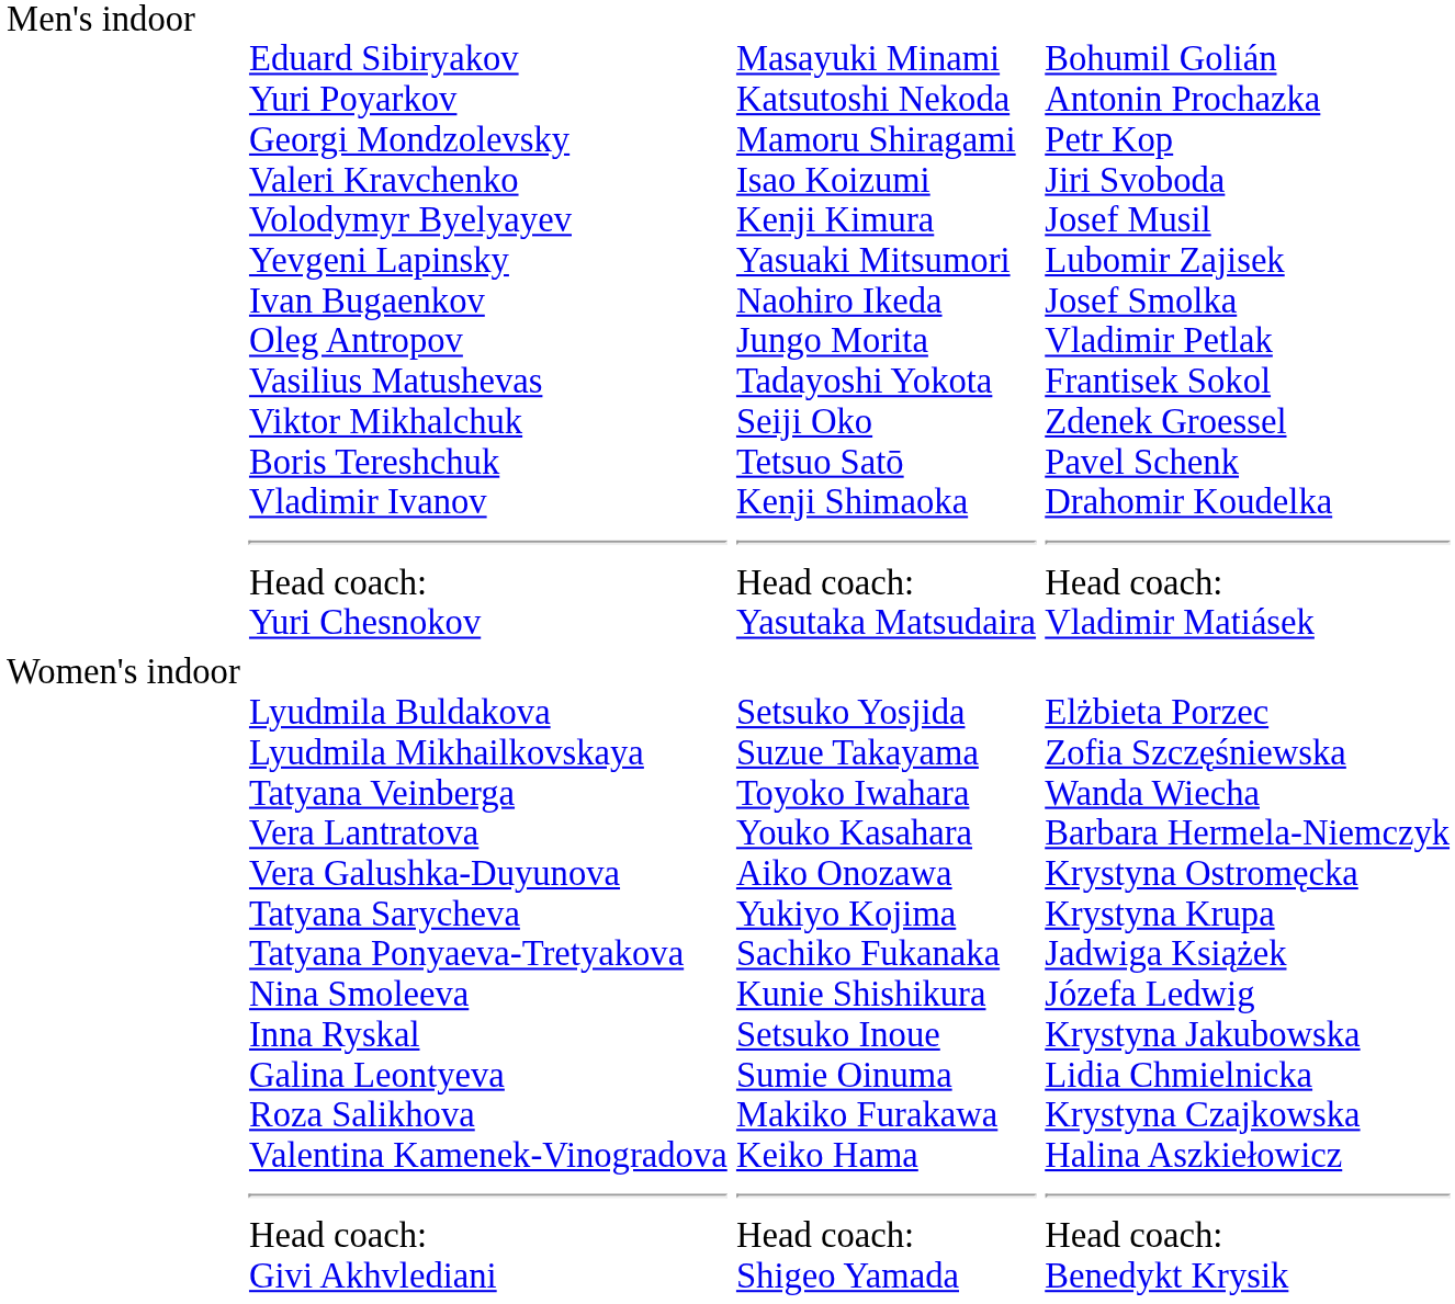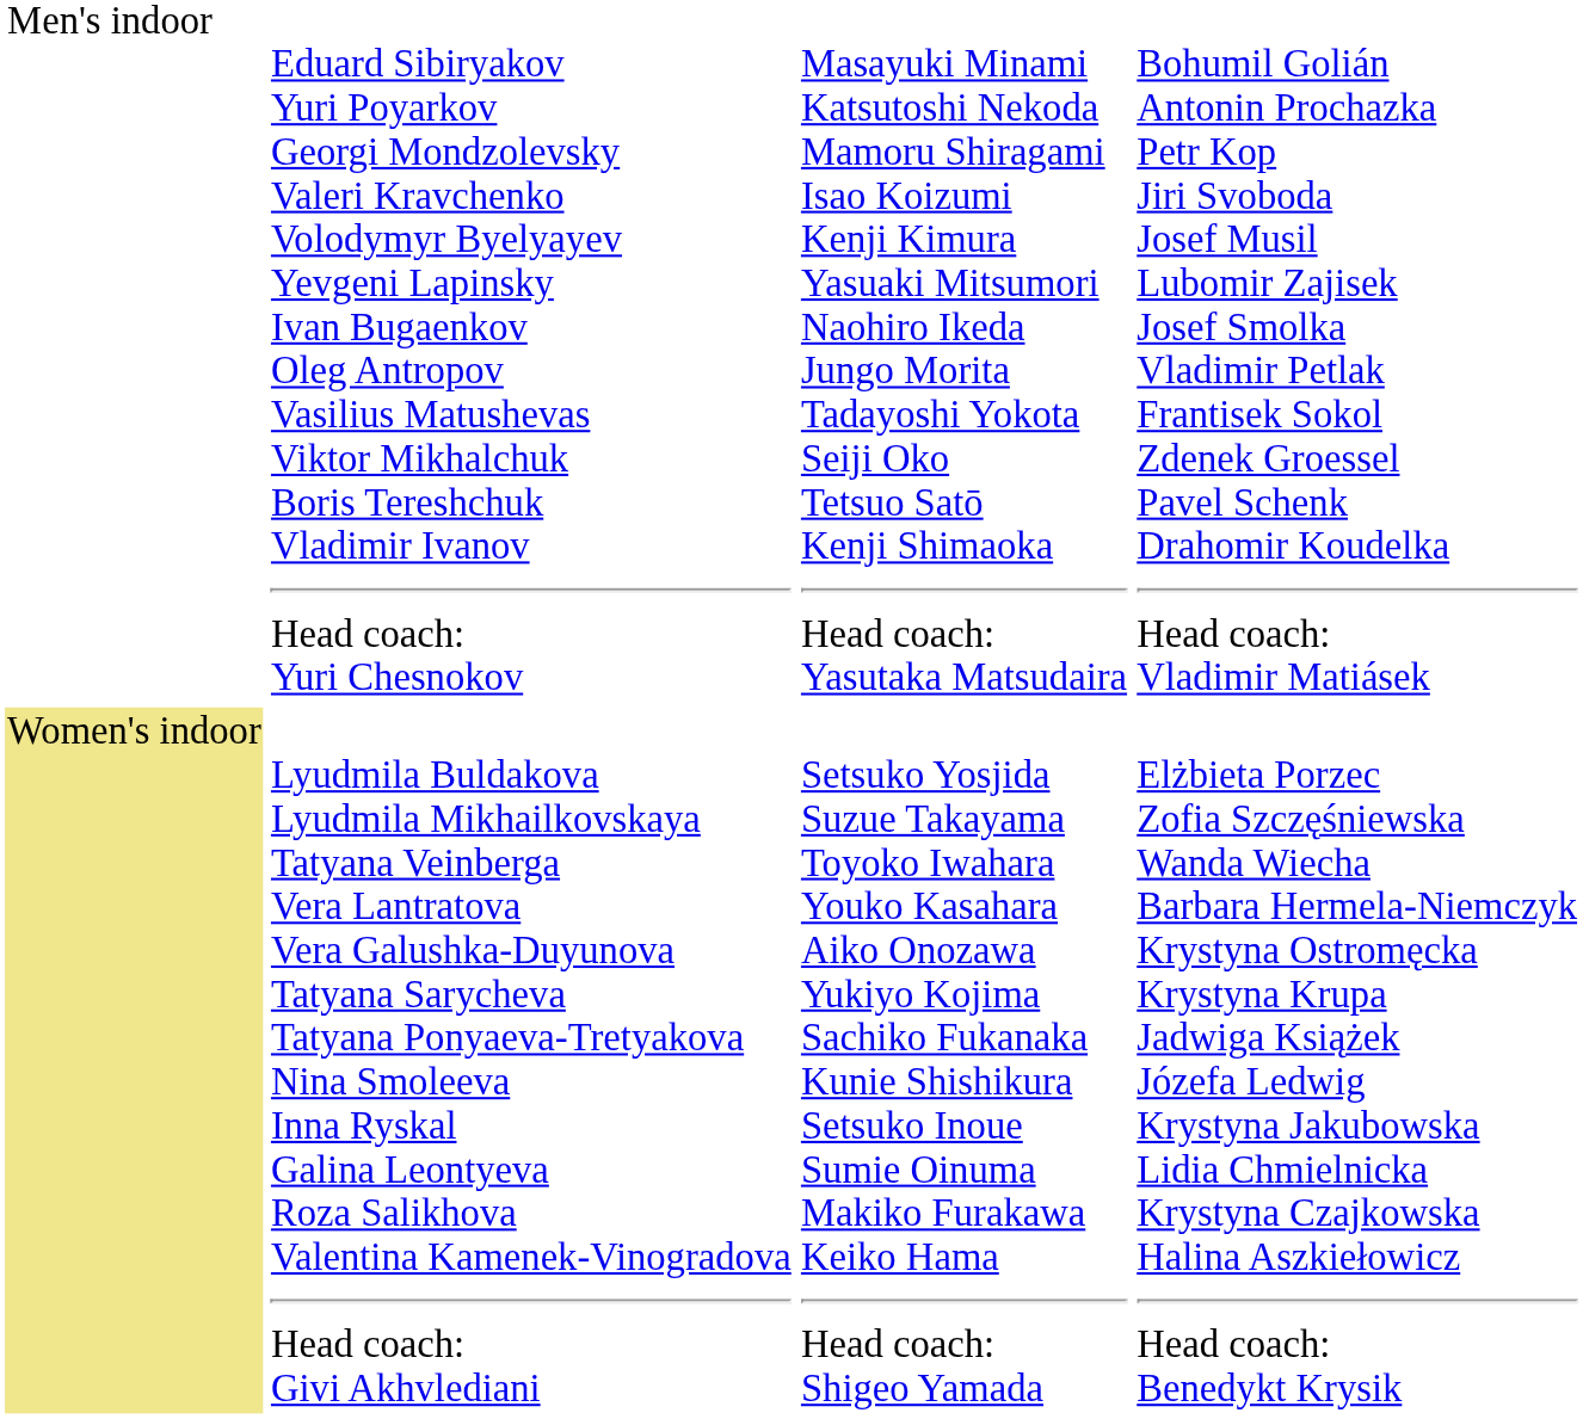 <table>
 <tr valign="top">
 <td>Men's indoor<br></td>
 <td valign=top><br><a href='#'>Eduard Sibiryakov</a><br><a href='#'>Yuri Poyarkov</a><br><a href='#'>Georgi Mondzolevsky</a><br><a href='#'>Valeri Kravchenko</a><br><a href='#'>Volodymyr Byelyayev</a><br><a href='#'>Yevgeni Lapinsky</a><br><a href='#'>Ivan Bugaenkov</a><br><a href='#'>Oleg Antropov</a><br><a href='#'>Vasilius Matushevas</a><br><a href='#'>Viktor Mikhalchuk</a><br><a href='#'>Boris Tereshchuk</a><br><a href='#'>Vladimir Ivanov</a><br><hr>Head coach:<br><a href='#'>Yuri Chesnokov</a></td>
 <td valign=top><br><a href='#'>Masayuki Minami</a><br><a href='#'>Katsutoshi Nekoda</a><br><a href='#'>Mamoru Shiragami</a><br><a href='#'>Isao Koizumi</a><br><a href='#'>Kenji Kimura</a><br><a href='#'>Yasuaki Mitsumori</a><br><a href='#'>Naohiro Ikeda</a><br><a href='#'>Jungo Morita</a><br><a href='#'>Tadayoshi Yokota</a><br><a href='#'>Seiji Oko</a><br><a href='#'>Tetsuo Satō</a><br><a href='#'>Kenji Shimaoka</a><br><hr>Head coach:<br><a href='#'>Yasutaka Matsudaira</a></td>
 <td valign=top><br><a href='#'>Bohumil Golián</a><br><a href='#'>Antonin Prochazka</a><br><a href='#'>Petr Kop</a><br><a href='#'>Jiri Svoboda</a><br><a href='#'>Josef Musil</a><br><a href='#'>Lubomir Zajisek</a><br><a href='#'>Josef Smolka</a><br><a href='#'>Vladimir Petlak</a><br><a href='#'>Frantisek Sokol</a><br><a href='#'>Zdenek Groessel</a><br><a href='#'>Pavel Schenk</a><br><a href='#'>Drahomir Koudelka</a><br><hr>Head coach:<br><a href='#'>Vladimir Matiásek</a></td>
 </tr>
 <tr valign="top">
-<td>Women's indoor<br></td>
+<td style="background: khaki;">Women's indoor<br></td>
 <td valign=top><br><a href='#'>Lyudmila Buldakova</a><br><a href='#'>Lyudmila Mikhailkovskaya</a><br><a href='#'>Tatyana Veinberga</a><br><a href='#'>Vera Lantratova</a><br><a href='#'>Vera Galushka-Duyunova</a><br><a href='#'>Tatyana Sarycheva</a><br><a href='#'>Tatyana Ponyaeva-Tretyakova</a><br><a href='#'>Nina Smoleeva</a><br><a href='#'>Inna Ryskal</a><br><a href='#'>Galina Leontyeva</a><br><a href='#'>Roza Salikhova</a><br><a href='#'>Valentina Kamenek-Vinogradova</a><br><hr>Head coach:<br><a href='#'>Givi Akhvlediani</a></td>
 <td valign=top><br><a href='#'>Setsuko Yosjida</a><br><a href='#'>Suzue Takayama</a><br><a href='#'>Toyoko Iwahara</a><br><a href='#'>Youko Kasahara</a><br><a href='#'>Aiko Onozawa</a><br><a href='#'>Yukiyo Kojima</a><br><a href='#'>Sachiko Fukanaka</a><br><a href='#'>Kunie Shishikura</a><br><a href='#'>Setsuko Inoue</a><br><a href='#'>Sumie Oinuma</a><br><a href='#'>Makiko Furakawa</a><br><a href='#'>Keiko Hama</a><br><hr>Head coach:<br><a href='#'>Shigeo Yamada</a></td>
 <td valign=top><br><a href='#'>Elżbieta Porzec</a><br><a href='#'>Zofia Szczęśniewska</a><br> <a href='#'>Wanda Wiecha</a><br><a href='#'>Barbara Hermela-Niemczyk</a><br><a href='#'>Krystyna Ostromęcka</a><br><a href='#'>Krystyna Krupa</a><br><a href='#'>Jadwiga Książek</a><br><a href='#'>Józefa Ledwig</a><br><a href='#'>Krystyna Jakubowska</a><br><a href='#'>Lidia Chmielnicka</a><br><a href='#'>Krystyna Czajkowska</a><br><a href='#'>Halina Aszkiełowicz</a><br><hr>Head coach:<br><a href='#'>Benedykt Krysik</a></td>
 </tr>
 </table>
